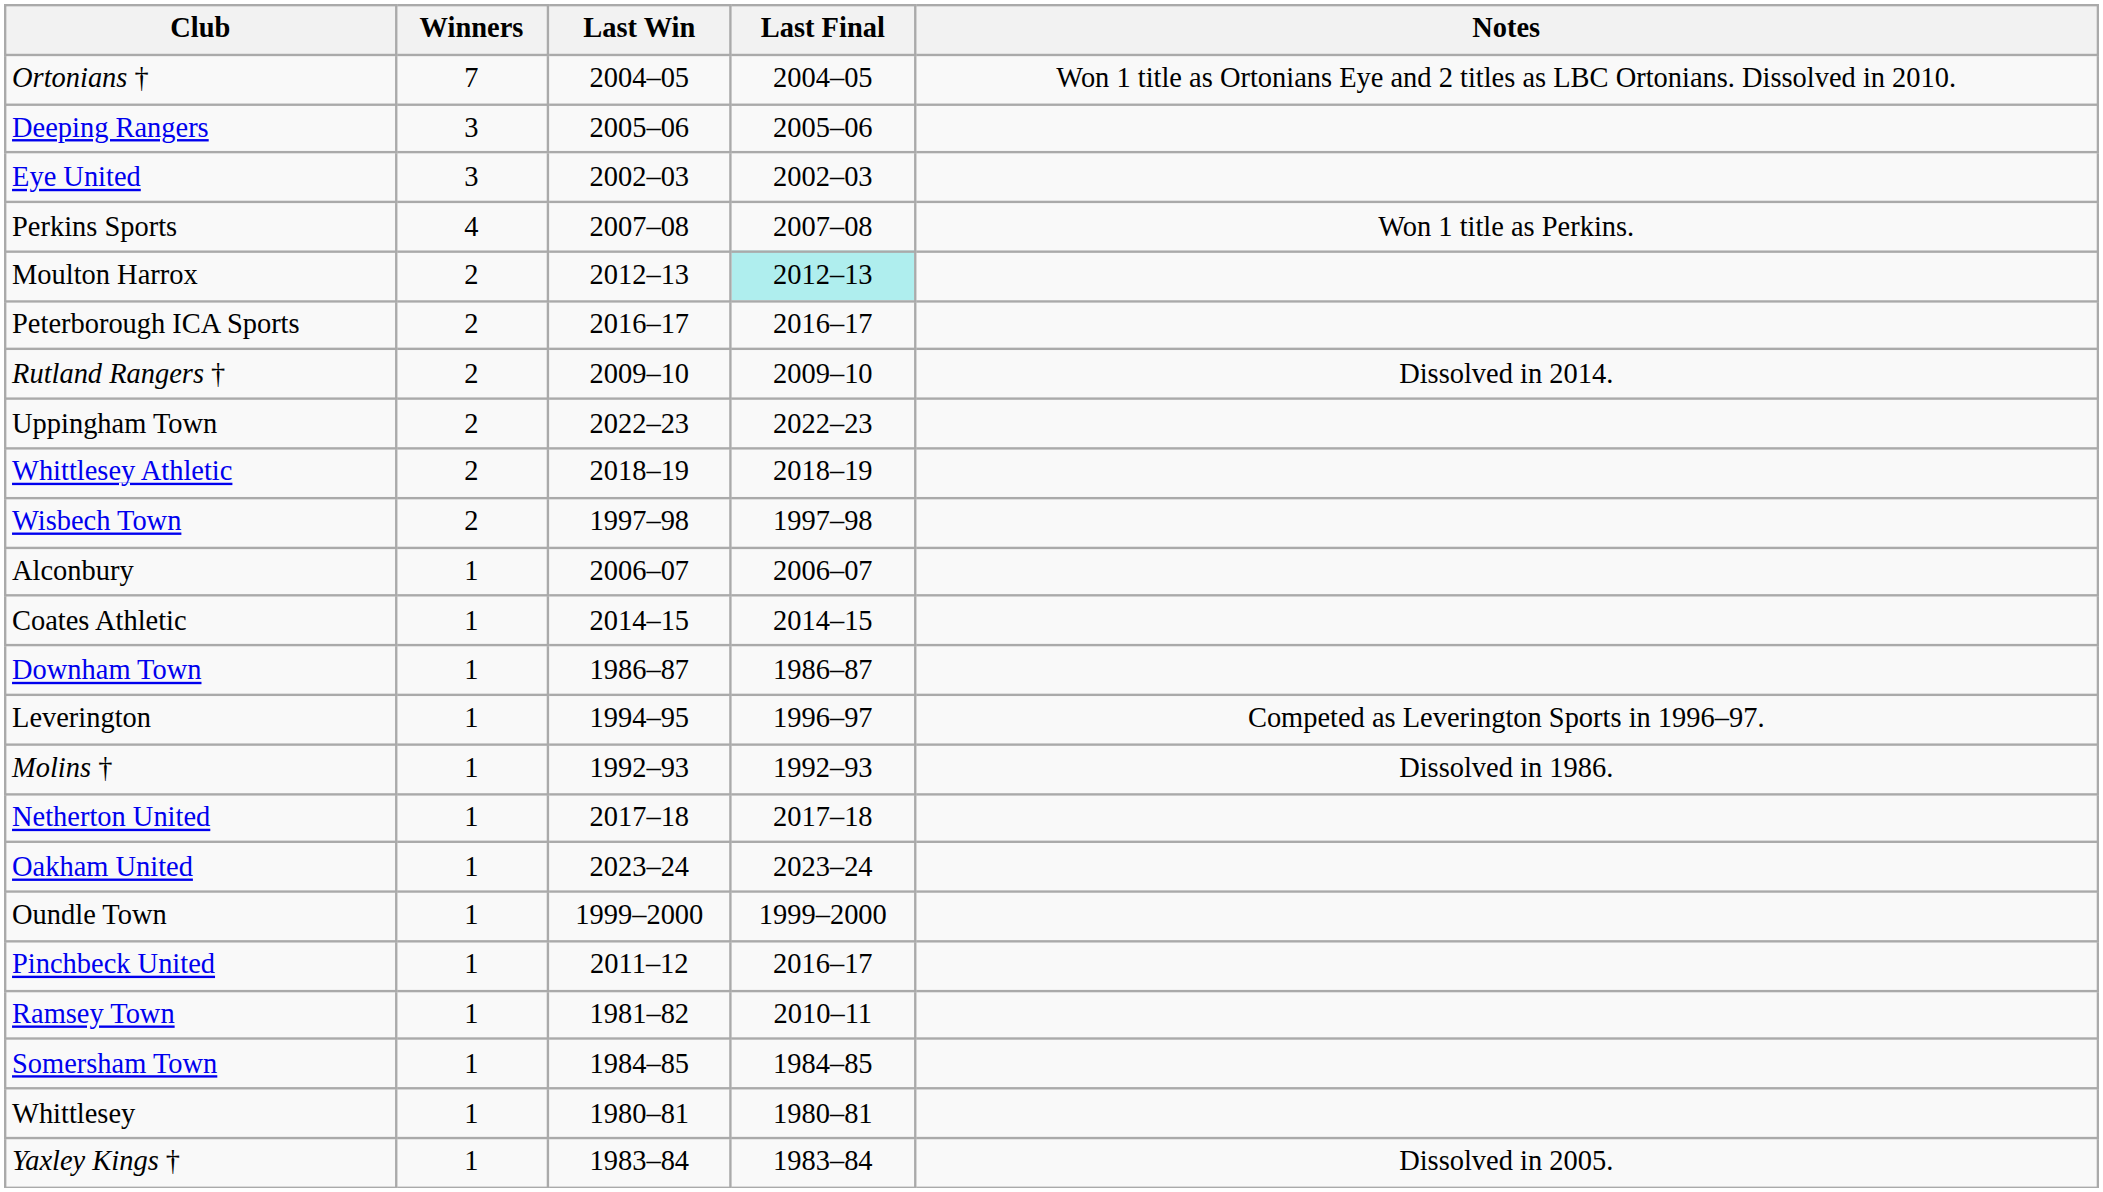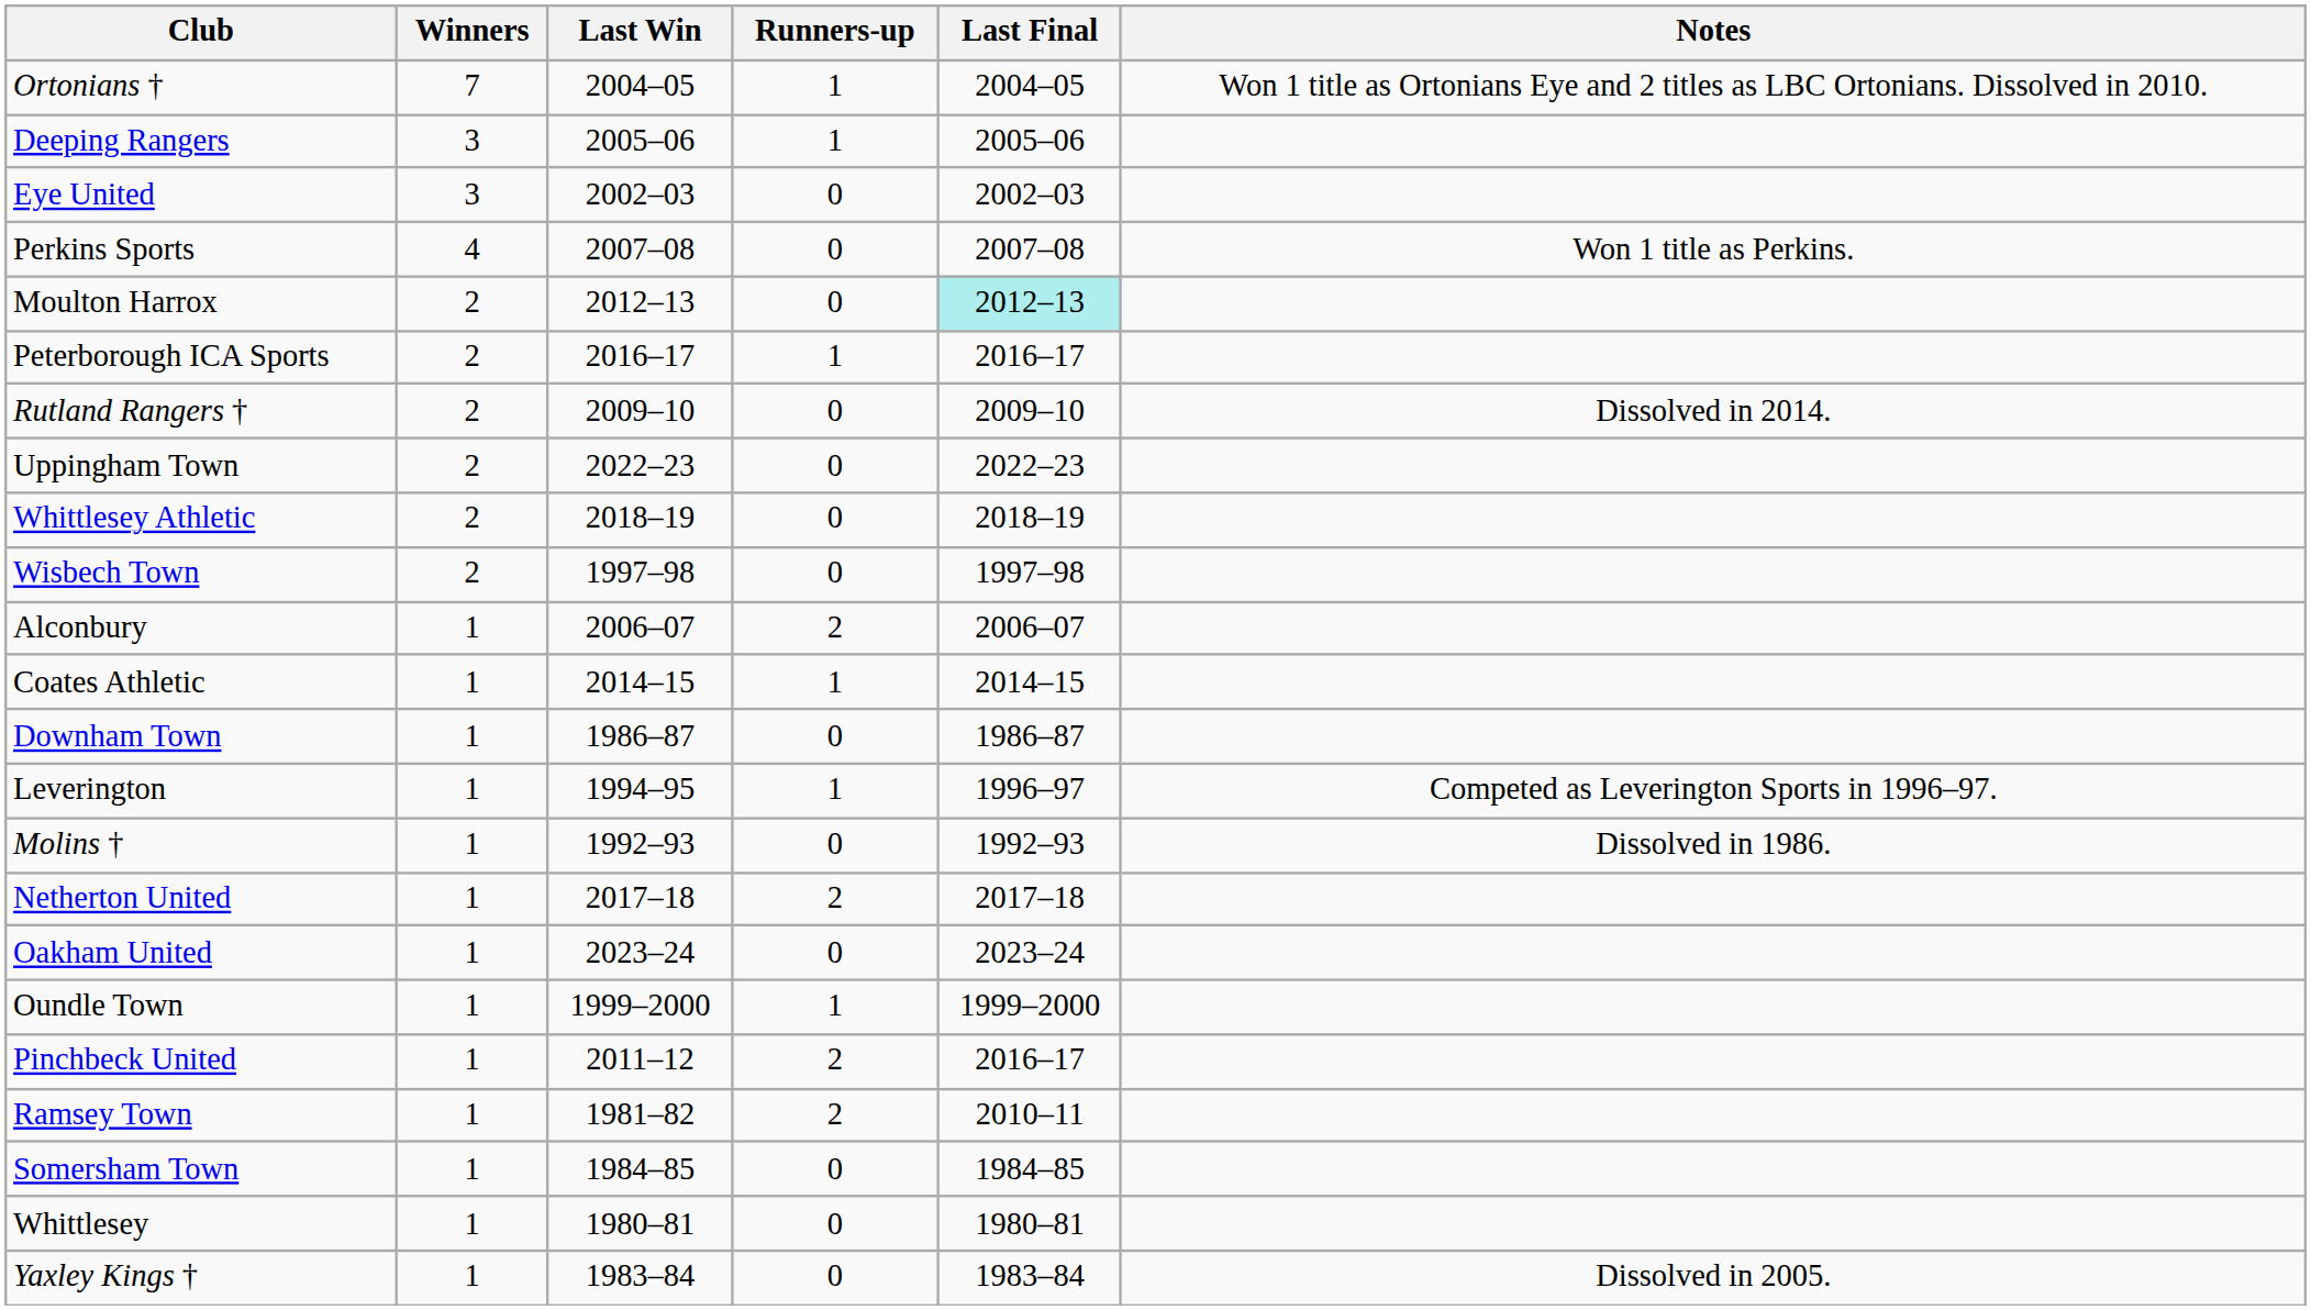 <table class="wikitable" style="text-align: center; width: 100%; font-size: 12px">
 <tr>
 <th>Club</th>
 <th>Winners</th>
 <th>Last Win</th>
+<th>Runners-up</th>
 <th>Last Final</th>
 <th>Notes</th>
 </tr>
 <tr>
 <td style="text-align: left"><em>Ortonians</em> †</td>
 <td>7</td>
 <td>2004–05</td>
+<td>1</td>
 <td>2004–05</td>
 <td>Won 1 title as Ortonians Eye and 2 titles as LBC Ortonians. Dissolved in 2010.</td>
 </tr>
 <tr>
 <td style="text-align: left"><a href='#'>Deeping Rangers</a></td>
 <td>3</td>
 <td>2005–06</td>
+<td>1</td>
 <td>2005–06</td>
 <td></td>
 </tr>
 <tr>
 <td style="text-align: left"><a href='#'>Eye United</a></td>
 <td>3</td>
 <td>2002–03</td>
+<td>0</td>
 <td>2002–03</td>
 <td></td>
 </tr>
 <tr>
 <td style="text-align: left">Perkins Sports</td>
 <td>4</td>
 <td>2007–08</td>
+<td>0</td>
 <td>2007–08</td>
 <td>Won 1 title as Perkins.</td>
 </tr>
 <tr>
 <td style="text-align: left">Moulton Harrox</td>
 <td>2</td>
 <td>2012–13</td>
+<td>0</td>
 <td style="background: paleturquoise;">2012–13</td>
 <td></td>
 </tr>
 <tr>
 <td style="text-align: left">Peterborough ICA Sports</td>
 <td>2</td>
 <td>2016–17</td>
+<td>1</td>
 <td>2016–17</td>
 <td></td>
 </tr>
 <tr>
 <td style="text-align: left"><em>Rutland Rangers</em> †</td>
 <td>2</td>
 <td>2009–10</td>
+<td>0</td>
 <td>2009–10</td>
 <td>Dissolved in 2014.</td>
 </tr>
 <tr>
 <td style="text-align: left">Uppingham Town</td>
 <td>2</td>
 <td>2022–23</td>
+<td>0</td>
 <td>2022–23</td>
 <td></td>
 </tr>
 <tr>
 <td style="text-align: left"><a href='#'>Whittlesey Athletic</a></td>
 <td>2</td>
 <td>2018–19</td>
+<td>0</td>
 <td>2018–19</td>
 <td></td>
 </tr>
 <tr>
 <td style="text-align: left"><a href='#'>Wisbech Town</a></td>
 <td>2</td>
 <td>1997–98</td>
+<td>0</td>
 <td>1997–98</td>
 <td></td>
 </tr>
 <tr>
 <td style="text-align: left">Alconbury</td>
 <td>1</td>
 <td>2006–07</td>
+<td>2</td>
 <td>2006–07</td>
 <td></td>
 </tr>
 <tr>
 <td style="text-align: left">Coates Athletic</td>
 <td>1</td>
 <td>2014–15</td>
+<td>1</td>
 <td>2014–15</td>
 <td></td>
 </tr>
 <tr>
 <td style="text-align: left"><a href='#'>Downham Town</a></td>
 <td>1</td>
 <td>1986–87</td>
+<td>0</td>
 <td>1986–87</td>
 <td></td>
 </tr>
 <tr>
 <td style="text-align: left">Leverington</td>
 <td>1</td>
 <td>1994–95</td>
+<td>1</td>
 <td>1996–97</td>
 <td>Competed as Leverington Sports in 1996–97.</td>
 </tr>
 <tr>
 <td style="text-align: left"><em>Molins</em> †</td>
 <td>1</td>
 <td>1992–93</td>
+<td>0</td>
 <td>1992–93</td>
 <td>Dissolved in 1986.</td>
 </tr>
 <tr>
 <td style="text-align: left"><a href='#'>Netherton United</a></td>
 <td>1</td>
 <td>2017–18</td>
+<td>2</td>
 <td>2017–18</td>
 <td></td>
 </tr>
 <tr>
 <td style="text-align: left"><a href='#'>Oakham United</a></td>
 <td>1</td>
 <td>2023–24</td>
+<td>0</td>
 <td>2023–24</td>
 <td></td>
 </tr>
 <tr>
 <td style="text-align: left">Oundle Town</td>
 <td>1</td>
 <td>1999–2000</td>
+<td>1</td>
 <td>1999–2000</td>
 <td></td>
 </tr>
 <tr>
 <td style="text-align: left"><a href='#'>Pinchbeck United</a></td>
 <td>1</td>
 <td>2011–12</td>
+<td>2</td>
 <td>2016–17</td>
 <td></td>
 </tr>
 <tr>
 <td style="text-align: left"><a href='#'>Ramsey Town</a></td>
 <td>1</td>
 <td>1981–82</td>
+<td>2</td>
 <td>2010–11</td>
 <td></td>
 </tr>
 <tr>
 <td style="text-align: left"><a href='#'>Somersham Town</a></td>
 <td>1</td>
 <td>1984–85</td>
+<td>0</td>
 <td>1984–85</td>
 <td></td>
 </tr>
 <tr>
 <td style="text-align: left">Whittlesey</td>
 <td>1</td>
 <td>1980–81</td>
+<td>0</td>
 <td>1980–81</td>
 <td></td>
 </tr>
 <tr>
 <td style="text-align: left"><em>Yaxley Kings</em> †</td>
 <td>1</td>
 <td>1983–84</td>
+<td>0</td>
 <td>1983–84</td>
 <td>Dissolved in 2005.</td>
 </tr>
 </table>
